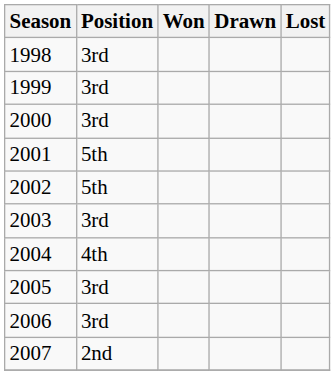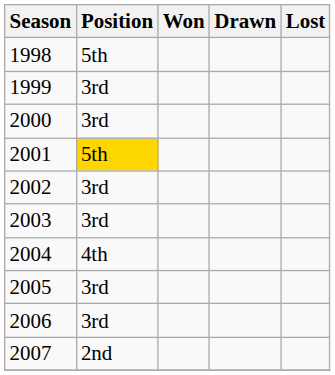 <table class="wikitable collapsible">
 <tr>
 <th>Season</th>
 <th>Position</th>
 <th>Won</th>
 <th>Drawn</th>
 <th>Lost</th>
 </tr>
 <tr>
 <td>1998</td>
-<td>3rd</td>
+<td>5th</td>
 <td></td>
 <td></td>
 <td></td>
 </tr>
 <tr>
 <td>1999</td>
 <td>3rd</td>
 <td></td>
 <td></td>
 <td></td>
 </tr>
 <tr>
 <td>2000</td>
 <td>3rd</td>
 <td></td>
 <td></td>
 <td></td>
 </tr>
 <tr>
 <td>2001</td>
-<td>5th</td>
+<td style="background: gold;">5th</td>
 <td></td>
 <td></td>
 <td></td>
 </tr>
 <tr>
 <td>2002</td>
-<td>5th</td>
+<td>3rd</td>
 <td></td>
 <td></td>
 <td></td>
 </tr>
 <tr style="background-color:#">
 <td>2003</td>
 <td>3rd</td>
 <td></td>
 <td></td>
 <td></td>
 </tr>
 <tr>
 <td>2004</td>
 <td>4th</td>
 <td></td>
 <td></td>
 <td></td>
 </tr>
 <tr>
 <td>2005</td>
 <td>3rd</td>
 <td></td>
 <td></td>
 <td></td>
 </tr>
 <tr>
 <td>2006</td>
 <td>3rd</td>
 <td></td>
 <td></td>
 <td></td>
 </tr>
 <tr style="background-color:#">
 <td>2007</td>
 <td>2nd</td>
 <td></td>
 <td></td>
 <td></td>
 </tr>
 <tr>
 </tr>
 </table>
